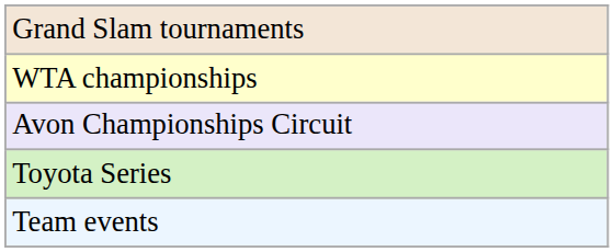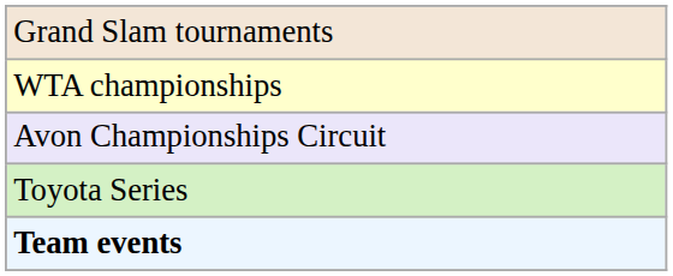 <table class=wikitable  style=font-size:90%;width:15%>
 <tr style="background:#F3E6D7;">
 <td>Grand Slam tournaments</td>
 </tr>
 <tr style="background:#ffc;">
 <td>WTA championships</td>
 </tr>
 <tr style="background:#ebe6fa;">
 <td>Avon Championships Circuit</td>
 </tr>
 <tr style="background:#D4F1C5;">
 <td>Toyota Series</td>
 </tr>
 <tr style="background:#ecf6ff;">
-<td>Team events</td>
+<td><strong>Team events</strong></td>
 </tr>
 </table>
